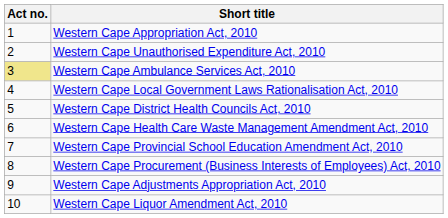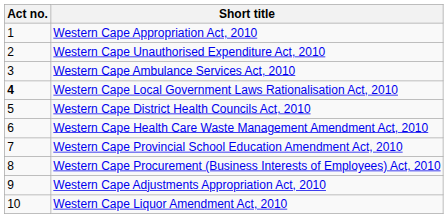 <table class=wikitable>
 <tr>
 <th>Act no.</th>
 <th>Short title</th>
 </tr>
 <tr>
 <td>1</td>
 <td><a href='#'>Western Cape Appropriation Act, 2010</a></td>
 </tr>
 <tr>
 <td>2</td>
 <td><a href='#'>Western Cape Unauthorised Expenditure Act, 2010</a></td>
 </tr>
 <tr>
-<td style="background: khaki;">3</td>
+<td>3</td>
 <td><a href='#'>Western Cape Ambulance Services Act, 2010</a></td>
 </tr>
 <tr>
-<td>4</td>
+<td><strong>4</strong></td>
 <td><a href='#'>Western Cape Local Government Laws Rationalisation Act, 2010</a></td>
 </tr>
 <tr>
 <td>5</td>
 <td><a href='#'>Western Cape District Health Councils Act, 2010</a></td>
 </tr>
 <tr>
 <td>6</td>
 <td><a href='#'>Western Cape Health Care Waste Management Amendment Act, 2010</a></td>
 </tr>
 <tr>
 <td>7</td>
 <td><a href='#'>Western Cape Provincial School Education Amendment Act, 2010</a></td>
 </tr>
 <tr>
 <td>8</td>
 <td><a href='#'>Western Cape Procurement (Business Interests of Employees) Act, 2010</a></td>
 </tr>
 <tr>
 <td>9</td>
 <td><a href='#'>Western Cape Adjustments Appropriation Act, 2010</a></td>
 </tr>
 <tr>
 <td>10</td>
 <td><a href='#'>Western Cape Liquor Amendment Act, 2010</a></td>
 </tr>
 </table>
